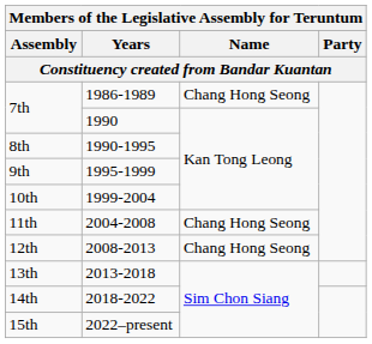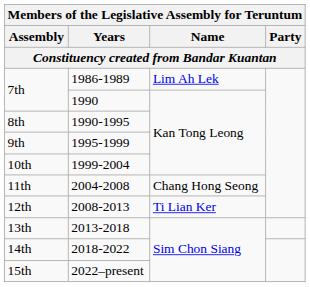 <table class="wikitable">
 <tr>
 <th colspan="4">Members of the Legislative Assembly for Teruntum</th>
 </tr>
 <tr>
 <th>Assembly</th>
 <th>Years</th>
 <th>Name</th>
 <th>Party</th>
 </tr>
 <tr>
 <th colspan="4"><em>Constituency created from Bandar Kuantan</em></th>
 </tr>
 <tr>
 <td rowspan="2">7th</td>
 <td>1986-1989</td>
-<td>Chang Hong Seong</td>
+<td><a href='#'>Lim Ah Lek</a></td>
 <td rowspan="7"></td>
 </tr>
 <tr>
 <td>1990</td>
 <td rowspan="4">Kan Tong Leong</td>
 </tr>
 <tr>
 <td>8th</td>
 <td>1990-1995</td>
 </tr>
 <tr>
 <td>9th</td>
 <td>1995-1999</td>
 </tr>
 <tr>
 <td>10th</td>
 <td>1999-2004</td>
 </tr>
 <tr>
 <td>11th</td>
 <td>2004-2008</td>
 <td>Chang Hong Seong</td>
 </tr>
 <tr>
 <td>12th</td>
 <td>2008-2013</td>
-<td>Chang Hong Seong</td>
+<td><a href='#'>Ti Lian Ker</a></td>
 </tr>
 <tr>
 <td>13th</td>
 <td>2013-2018</td>
 <td rowspan="3"><a href='#'>Sim Chon Siang</a></td>
 <td></td>
 </tr>
 <tr>
 <td>14th</td>
 <td>2018-2022</td>
 <td rowspan="2"></td>
 </tr>
 <tr>
 <td>15th</td>
 <td>2022–present</td>
 </tr>
 </table>
